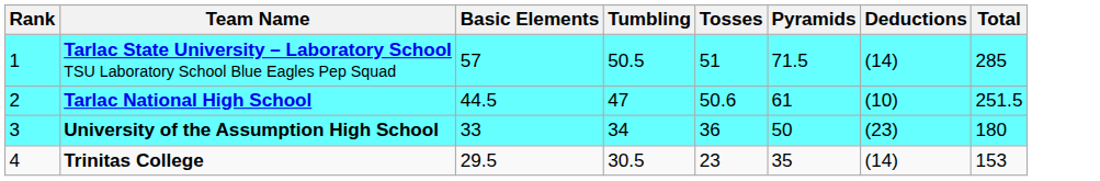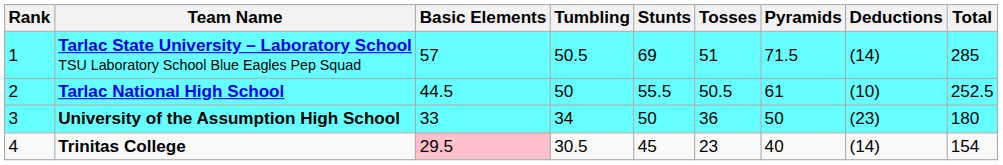 <table class="wikitable" style="text align: center">
 <tr bgcolor="#efefef">
 <th>Rank</th>
 <th>Team Name</th>
 <th>Basic Elements</th>
 <th>Tumbling</th>
+<th>Stunts</th>
 <th>Tosses</th>
 <th>Pyramids</th>
 <th>Deductions</th>
 <th>Total</th>
 </tr>
 <tr bgcolor="66FFFF">
 <td>1</td>
 <td><strong><a href='#'>Tarlac State University – Laboratory School</a></strong> <br> <small> TSU Laboratory School Blue Eagles Pep Squad </small></td>
 <td>57</td>
 <td>50.5</td>
+<td>69</td>
 <td>51</td>
 <td>71.5</td>
 <td>(14)</td>
 <td>285</td>
 </tr>
 <tr bgcolor="66FFFF">
 <td>2</td>
 <td><strong><a href='#'>Tarlac National High School</a></strong> <br> <small></small></td>
 <td>44.5</td>
-<td>47</td>
-<td>50.6</td>
+<td>50</td>
+<td>55.5</td>
+<td>50.5</td>
 <td>61</td>
 <td>(10)</td>
-<td>251.5</td>
+<td>252.5</td>
 </tr>
 <tr bgcolor="66FFFF">
 <td>3</td>
 <td><strong>University of the Assumption High School</strong> <br> <small> </small></td>
 <td>33</td>
 <td>34</td>
+<td>50</td>
 <td>36</td>
 <td>50</td>
 <td>(23)</td>
 <td>180</td>
 </tr>
 <tr>
 <td>4</td>
 <td><strong>Trinitas College</strong> <br> <small> </small></td>
-<td>29.5</td>
+<td style="background: pink;">29.5</td>
 <td>30.5</td>
+<td>45</td>
 <td>23</td>
-<td>35</td>
+<td>40</td>
 <td>(14)</td>
-<td>153</td>
+<td>154</td>
 </tr>
 </table>
